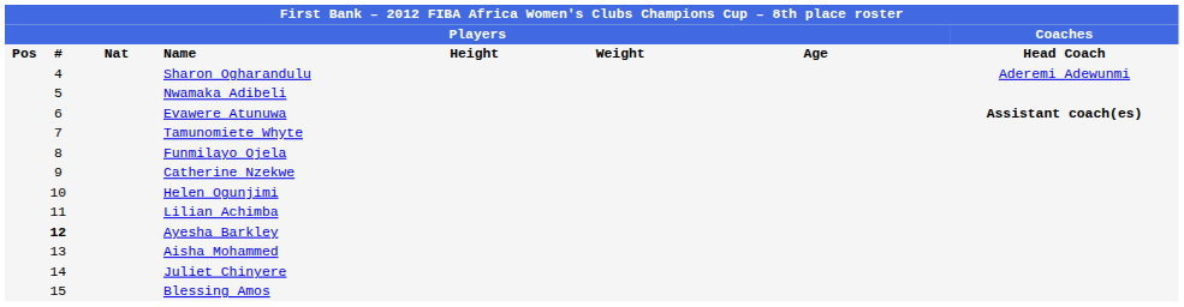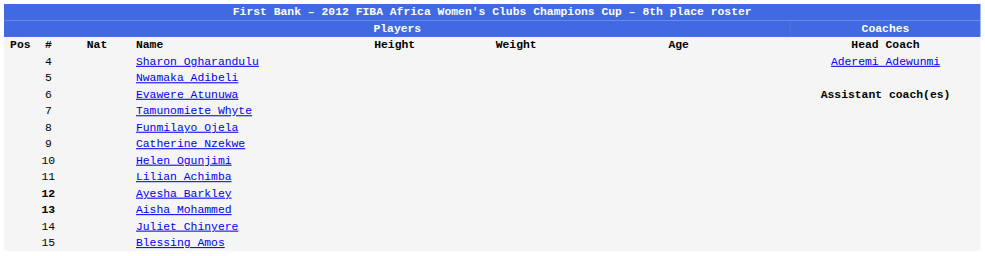 <table border=0 cellpadding=2 cellspacing=0  |- bgcolor=#f5f5f5 style="text-align:center; font-size:85%;" width=75%>
 <tr>
 <td colspan="8" style="background: #4169e1; color: white"><strong>First Bank – 2012 FIBA Africa Women's Clubs Champions Cup – 8th place roster</strong></td>
 </tr>
 <tr>
 <td colspan="7" style="background: #4169e1; color: white"><strong>Players</strong></td>
 <td style="background: #4169e1; color: white"><strong>Coaches</strong></td>
 </tr>
 <tr style="background=#f5f5f5; color: black">
 <th width=5px>Pos</th>
 <th width=5px>#</th>
 <th width=50px>Nat</th>
 <th width=135px align=left>Name</th>
 <th width=100px>Height</th>
 <th width=70px>Weight</th>
 <th width=160px>Age</th>
 <th width=135px>Head Coach</th>
 </tr>
 <tr>
 <td></td>
 <td>4</td>
 <td></td>
 <td align=left><a href='#'>Sharon Ogharandulu</a></td>
 <td></td>
 <td></td>
 <td></td>
 <td> <a href='#'>Aderemi Adewunmi</a></td>
 </tr>
 <tr>
 <td></td>
 <td>5</td>
 <td></td>
 <td align=left><a href='#'>Nwamaka Adibeli</a></td>
 <td></td>
 <td></td>
 <td></td>
 </tr>
 <tr>
 <td></td>
 <td>6</td>
 <td></td>
 <td align=left><a href='#'>Evawere Atunuwa</a></td>
 <td></td>
 <td></td>
 <td></td>
 <td><strong>Assistant coach(es)</strong></td>
 </tr>
 <tr>
 <td></td>
 <td>7</td>
 <td></td>
 <td align=left><a href='#'>Tamunomiete Whyte</a></td>
 <td></td>
 <td></td>
 <td></td>
 <td></td>
 </tr>
 <tr>
 <td></td>
 <td>8</td>
 <td></td>
 <td align=left><a href='#'>Funmilayo Ojela</a></td>
 <td></td>
 <td></td>
 <td></td>
 </tr>
 <tr>
 <td></td>
 <td>9</td>
 <td></td>
 <td align=left><a href='#'>Catherine Nzekwe</a></td>
 <td></td>
 <td></td>
 <td><span></span></td>
 </tr>
 <tr>
 <td></td>
 <td>10</td>
 <td></td>
 <td align=left><a href='#'>Helen Ogunjimi</a></td>
 <td></td>
 <td></td>
 <td></td>
 </tr>
 <tr>
 <td></td>
 <td>11</td>
 <td></td>
 <td align=left><a href='#'>Lilian Achimba</a></td>
 <td></td>
 <td></td>
 <td></td>
 </tr>
 <tr>
 <td></td>
 <td><strong>12</strong></td>
 <td></td>
 <td align=left><a href='#'>Ayesha Barkley</a></td>
 <td></td>
 <td></td>
 <td></td>
 </tr>
 <tr>
 <td></td>
-<td>13</td>
+<td><strong>13</strong></td>
 <td></td>
 <td align=left><a href='#'>Aisha Mohammed</a></td>
 <td></td>
 <td></td>
 <td><span></span></td>
 </tr>
 <tr>
 <td></td>
 <td>14</td>
 <td></td>
 <td align=left><a href='#'>Juliet Chinyere</a></td>
 <td></td>
 <td></td>
 <td><span></span></td>
 </tr>
 <tr>
 <td></td>
 <td>15</td>
 <td></td>
 <td align=left><a href='#'>Blessing Amos</a></td>
 <td></td>
 <td></td>
 <td></td>
 </tr>
 </table>
